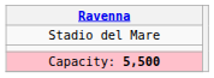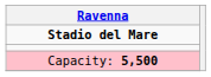 <table class="wikitable" style="margin:1em auto; text-align:center">
 <tr>
 <th width=200><a href='#'>Ravenna</a> <br></th>
 <th rowspan=5 colspan=2></th>
 </tr>
 <tr>
-<td>Stadio del Mare</td>
+<td><strong>Stadio del Mare</strong></td>
 </tr>
 <tr>
 <td><small></small></td>
 </tr>
 <tr>
 <td style="background: pink;">Capacity: <strong>5,500</strong></td>
 </tr>
 <tr>
 </tr>
 </table>
